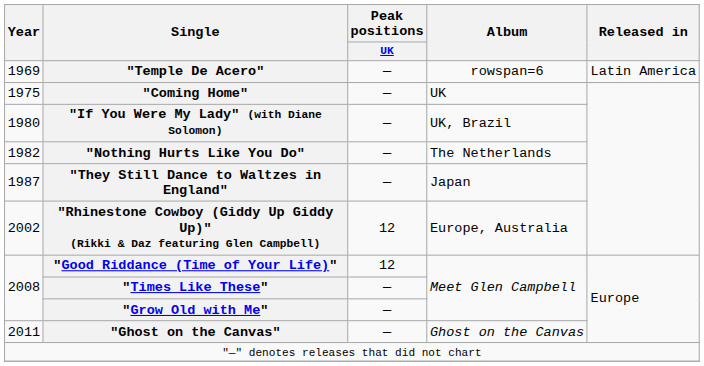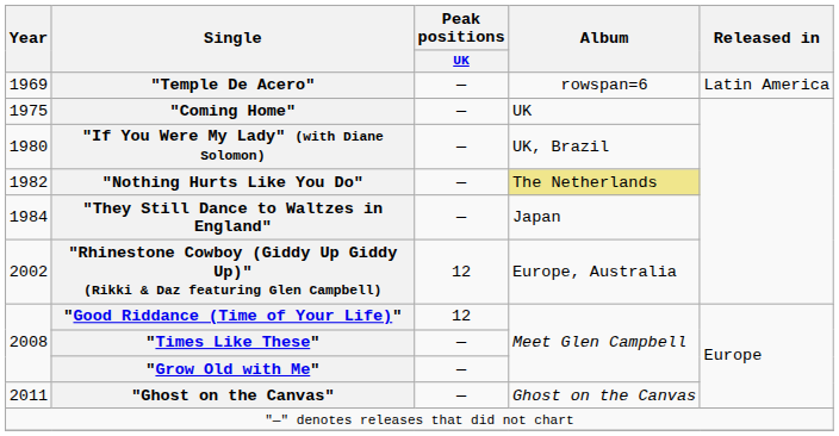 <table class="wikitable plainrowheaders" style="text-align:center;">
 <tr>
 <th rowspan="2">Year</th>
 <th rowspan="2" style="width:22em;">Single</th>
 <th colspan="1">Peak positions</th>
 <th rowspan="2">Album</th>
 <th rowspan="2">Released in</th>
 </tr>
 <tr style="font-size:smaller;">
 <th width="65"><a href='#'>UK</a></th>
 </tr>
 <tr>
 <td>1969</td>
 <th scope="row">"Temple De Acero"</th>
 <td>—</td>
 <td>rowspan=6 </td>
 <td align="left">Latin America</td>
 </tr>
 <tr>
 <td>1975</td>
 <th scope="row">"Coming Home"</th>
 <td>—</td>
 <td align="left">UK</td>
 </tr>
 <tr>
 <td>1980</td>
 <th scope="row">"If You Were My Lady" <small>(with Diane Solomon)</small></th>
 <td>—</td>
 <td align="left">UK, Brazil</td>
 </tr>
 <tr>
 <td>1982</td>
 <th scope="row">"Nothing Hurts Like You Do"</th>
 <td>—</td>
-<td align="left">The Netherlands</td>
+<td align="left" style="background: khaki;">The Netherlands</td>
 </tr>
 <tr>
-<td>1987</td>
+<td>1984</td>
 <th scope="row">"They Still Dance to Waltzes in England"</th>
 <td>—</td>
 <td align="left">Japan</td>
 </tr>
 <tr>
 <td>2002</td>
 <th scope="row">"Rhinestone Cowboy (Giddy Up Giddy Up)"<br><small>(Rikki & Daz featuring Glen Campbell)</small></th>
 <td>12</td>
 <td align="left">Europe, Australia</td>
 </tr>
 <tr>
 <td rowspan="3">2008</td>
 <th scope="row">"<a href='#'>Good Riddance (Time of Your Life)</a>"</th>
 <td>12</td>
 <td align="left" rowspan="3"><em>Meet Glen Campbell</em></td>
 <td align="left" rowspan="4">Europe</td>
 </tr>
 <tr>
 <th scope="row">"<a href='#'>Times Like These</a>"</th>
 <td>—</td>
 </tr>
 <tr>
 <th scope="row">"<a href='#'>Grow Old with Me</a>"</th>
 <td>—</td>
 </tr>
 <tr>
 <td>2011</td>
 <th scope="row">"Ghost on the Canvas"</th>
 <td>—</td>
 <td align="left"><em>Ghost on the Canvas</em></td>
 </tr>
 <tr>
 <td colspan="5" style="font-size:8pt">"—" denotes releases that did not chart</td>
 </tr>
 <tr>
 </tr>
 </table>
